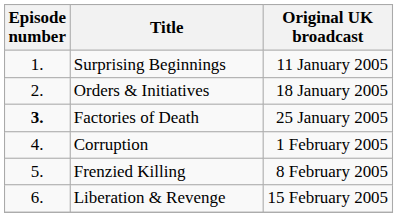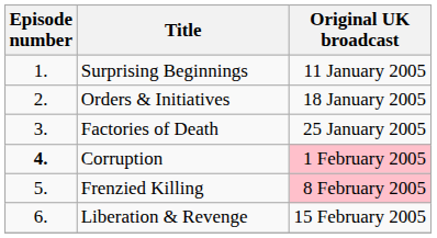 <table class="wikitable" | style="align: center;">
 <tr>
 <th style="text-align: center;">Episode<br>number</th>
 <th width="50%">Title</th>
 <th>Original UK<br>broadcast</th>
 </tr>
 <tr>
 <td style="text-align: center;">1.</td>
 <td>Surprising Beginnings</td>
 <td style="text-align: right;">11 January 2005</td>
 </tr>
 <tr>
 <td style="text-align: center;">2.</td>
 <td>Orders & Initiatives</td>
 <td style="text-align: right;">18 January 2005</td>
 </tr>
 <tr>
-<td style="text-align: center;"><strong>3.</strong></td>
+<td style="text-align: center;">3.</td>
 <td>Factories of Death</td>
 <td style="text-align: right;">25 January 2005</td>
 </tr>
 <tr>
-<td style="text-align: center;">4.</td>
+<td style="text-align: center;"><strong>4.</strong></td>
 <td>Corruption</td>
-<td style="text-align: right;">1 February 2005</td>
+<td style="background: pink; text-align: right;">1 February 2005</td>
 </tr>
 <tr>
 <td style="text-align: center;">5.</td>
 <td>Frenzied Killing</td>
-<td style="text-align: right;">8 February 2005</td>
+<td style="background: pink; text-align: right;">8 February 2005</td>
 </tr>
 <tr>
 <td style="text-align: center;">6.</td>
 <td>Liberation & Revenge</td>
 <td style="text-align: right;">15 February 2005</td>
 </tr>
 <tr>
 </tr>
 </table>
